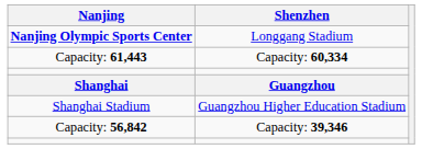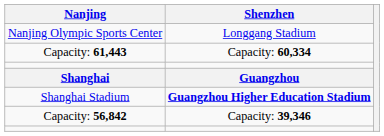 <table class="wikitable" style="margin:0.5em auto; text-align:center">
 <tr>
 <th><a href='#'>Nanjing</a></th>
 <th><a href='#'>Shenzhen</a></th>
 <th rowspan="8"><br></th>
 </tr>
 <tr>
-<td><strong><a href='#'>Nanjing Olympic Sports Center</a></strong></td>
+<td><a href='#'>Nanjing Olympic Sports Center</a></td>
 <td><a href='#'>Longgang Stadium</a></td>
 </tr>
 <tr>
 <td>Capacity: <strong>61,443</strong></td>
 <td>Capacity: <strong>60,334</strong></td>
 </tr>
 <tr>
 <td></td>
 <td></td>
 </tr>
 <tr>
 <th><a href='#'>Shanghai</a></th>
 <th><a href='#'>Guangzhou</a></th>
 </tr>
 <tr>
 <td><a href='#'>Shanghai Stadium</a></td>
-<td><a href='#'>Guangzhou Higher Education Stadium</a></td>
+<td><strong><a href='#'>Guangzhou Higher Education Stadium</a></strong></td>
 </tr>
 <tr>
 <td>Capacity: <strong>56,842</strong></td>
 <td>Capacity: <strong>39,346</strong></td>
 </tr>
 <tr>
 <td></td>
 <td></td>
 </tr>
 </table>
